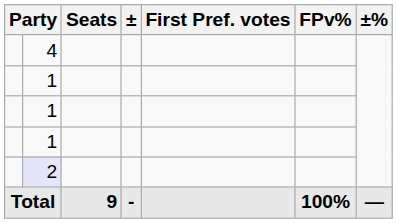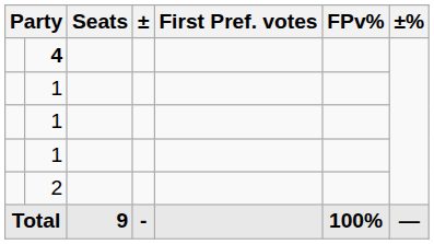 <table class=wikitable>
 <tr>
 <th colspan=2 align=center>Party</th>
 <th valign=top>Seats</th>
 <th valign=top>±</th>
 <th valign=top>First Pref. votes</th>
 <th valign=top>FPv%</th>
 <th valign=top>±%</th>
 </tr>
 <tr>
 <td></td>
-<td align=right>4</td>
+<td align=right><strong>4</strong></td>
 <td align=right></td>
 <td align=right></td>
 <td align=right></td>
 <td align=right></td>
 </tr>
 <tr>
 <td></td>
 <td align=right>1</td>
 <td align=right></td>
 <td align=right></td>
 <td align=right></td>
 <td align=right></td>
 </tr>
 <tr>
 <td></td>
 <td align=right>1</td>
 <td align=right></td>
 <td align=right></td>
 <td align=right></td>
 <td align=right></td>
 </tr>
 <tr>
 <td></td>
 <td align=right>1</td>
 <td align=right></td>
 <td align=right></td>
 <td align=right></td>
 <td align=right></td>
 </tr>
 <tr>
 <td></td>
-<td align=right style="background: lavender;">2</td>
+<td align=right>2</td>
 <td align=right></td>
 <td align=right></td>
 <td align=right></td>
 <td align=right></td>
 </tr>
 <tr style="font-weight:bold; background:rgb(232,232,232);">
 <td colspan=2 align=center>Total</td>
 <td align=right>9</td>
 <td align=center>-</td>
 <td align=right></td>
 <td align=center>100%</td>
 <td align=center>—</td>
 </tr>
 </table>
